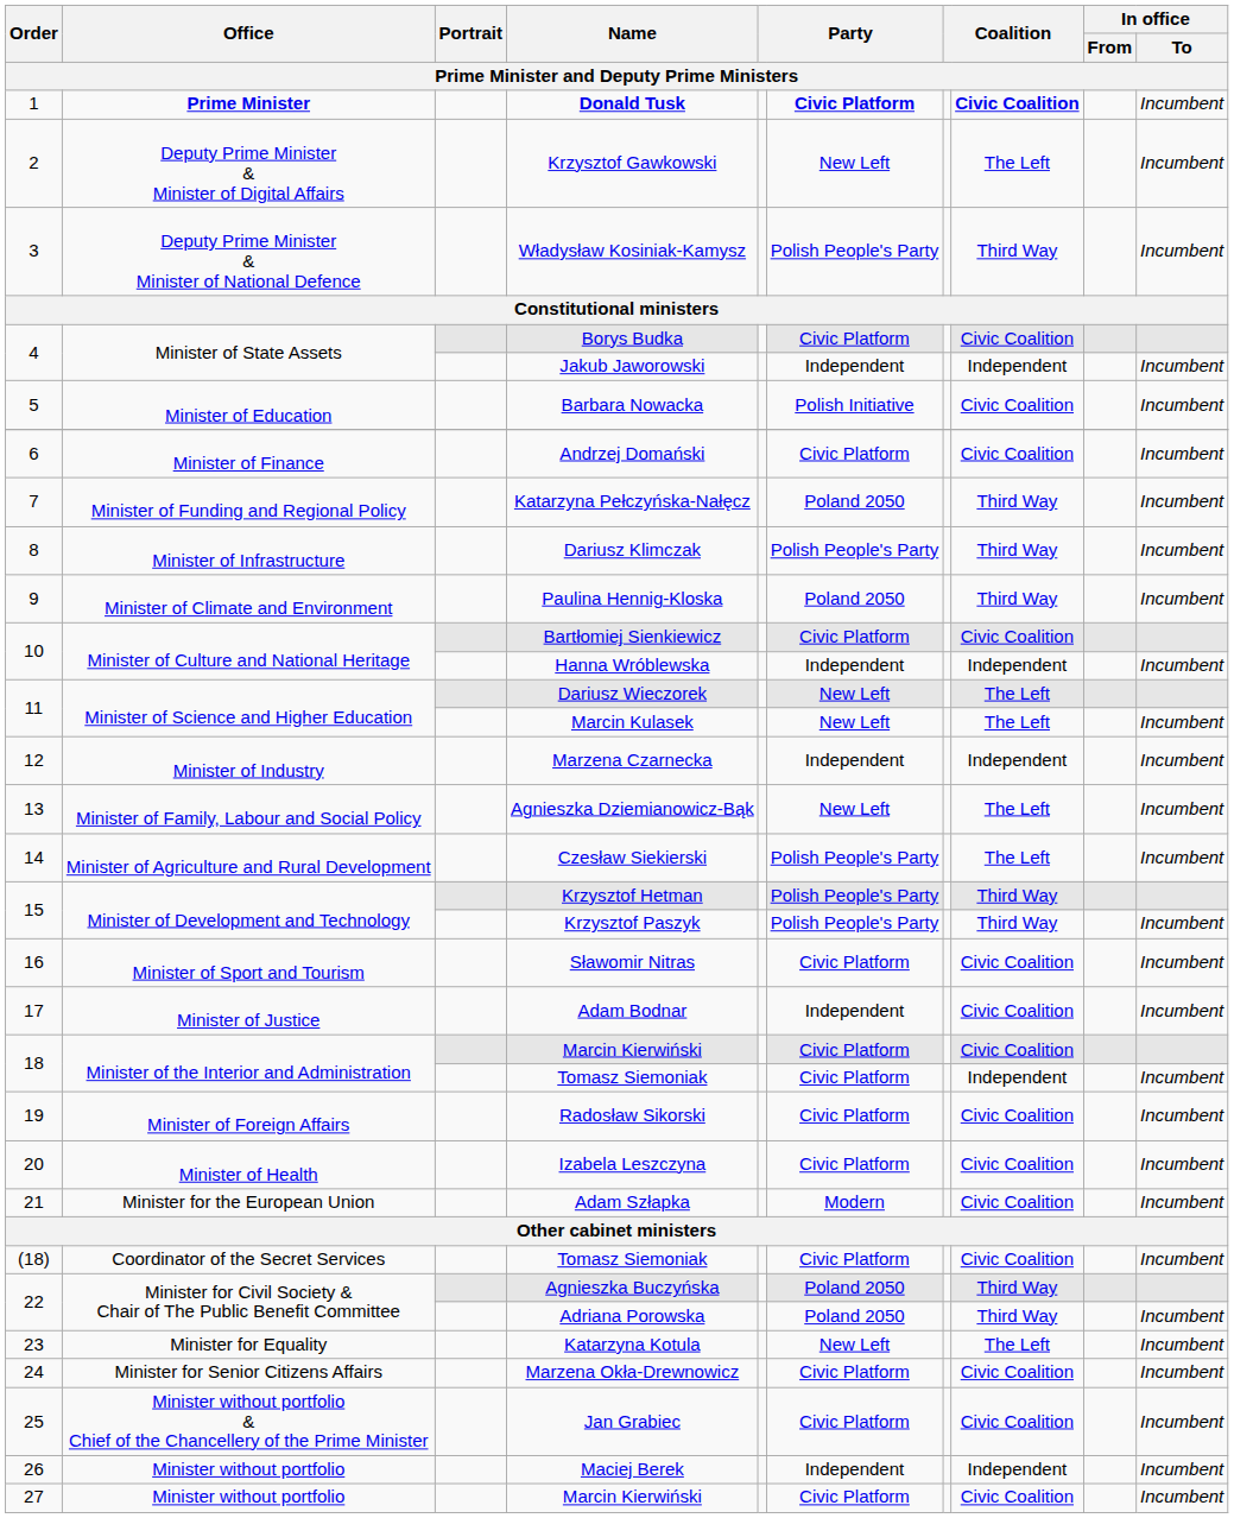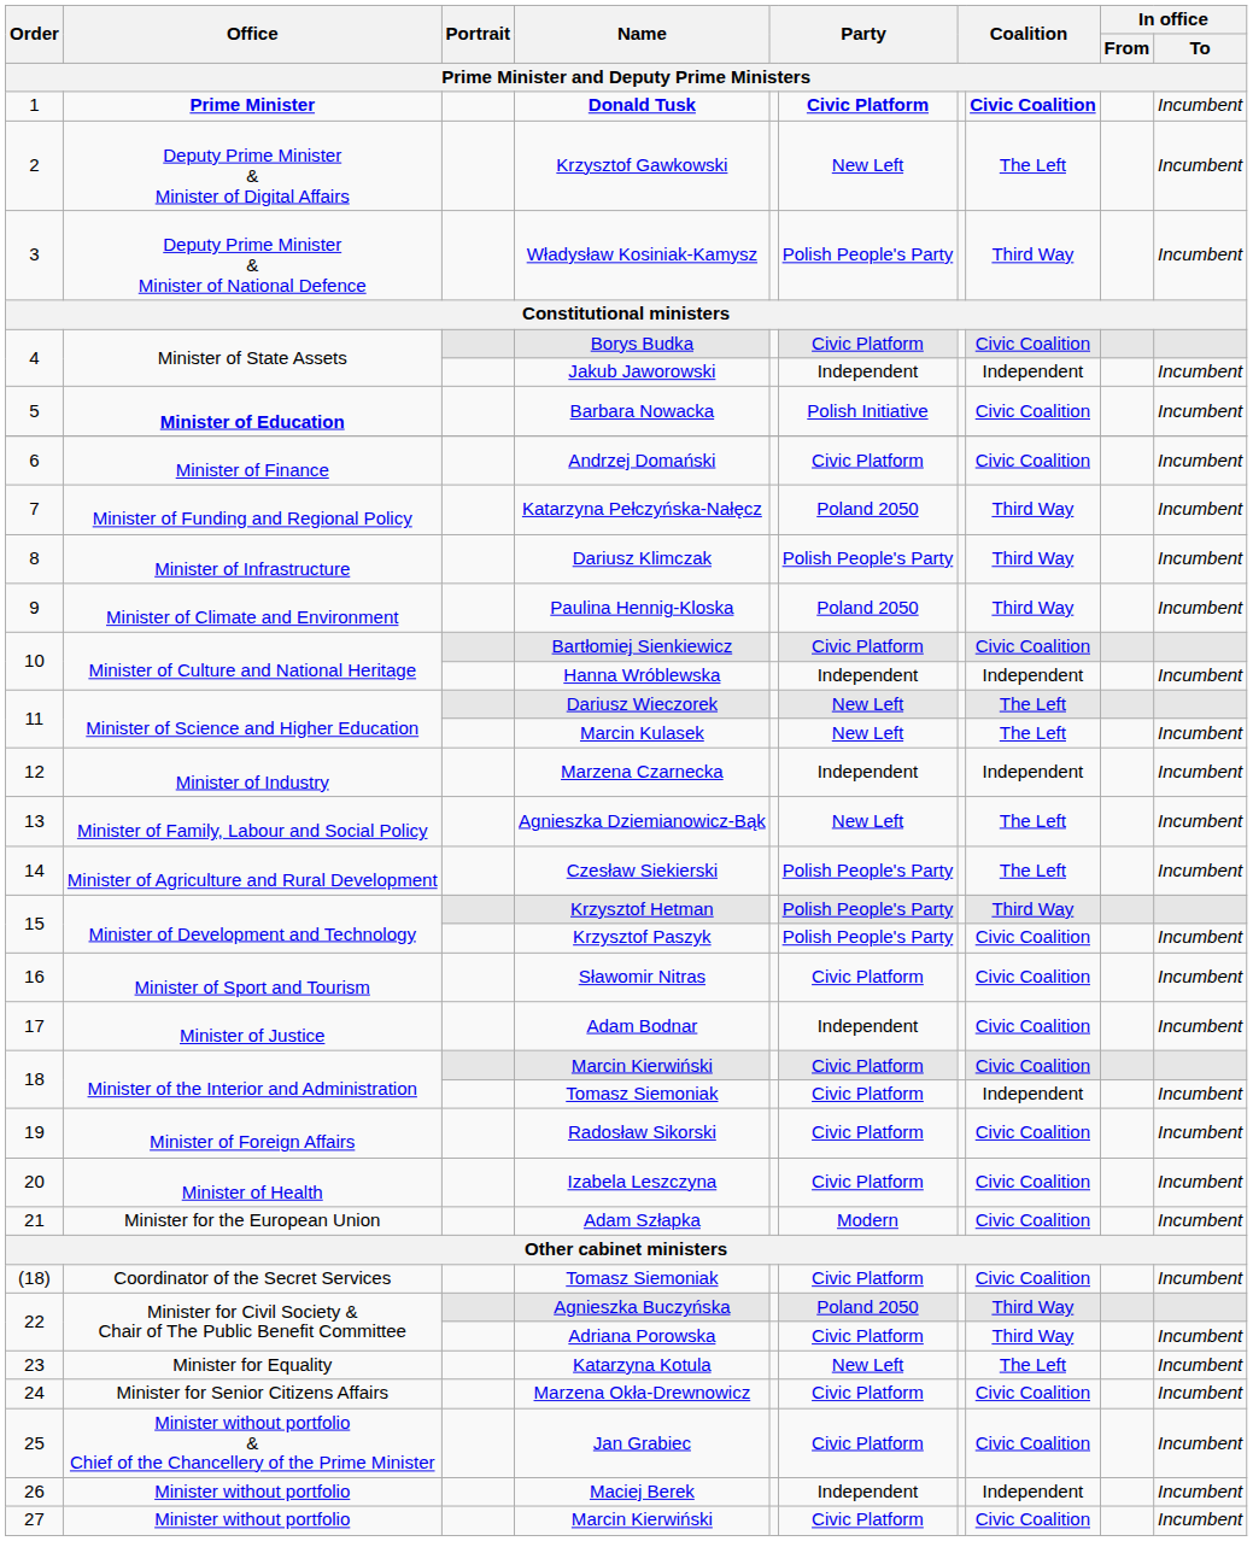 <table class="wikitable sortable" style="text-align:center">
 <tr>
 <th rowspan="2">Order </th>
 <th rowspan="2">Office</th>
 <th rowspan="2" class="unsortable">Portrait</th>
 <th rowspan="2">Name</th>
 <th colspan="2" rowspan="2">Party</th>
 <th colspan="2" rowspan="2">Coalition</th>
 <th colspan="2">In office</th>
 </tr>
 <tr>
 <th>From</th>
 <th>To</th>
 </tr>
 <tr>
 <th colspan="10">Prime Minister and Deputy Prime Ministers</th>
 </tr>
 <tr>
 <td>1</td>
 <td><strong><a href='#'>Prime Minister</a></strong></td>
 <td></td>
 <td data-sort-value="Tusk"><strong><a href='#'>Donald Tusk</a></strong></td>
 <td style="background:"></td>
 <td><strong><a href='#'>Civic Platform</a></strong></td>
 <td style="background:"></td>
 <td><strong><a href='#'>Civic Coalition</a></strong></td>
 <td><strong></strong></td>
 <td><em>Incumbent</em></td>
 </tr>
 <tr>
 <td>2</td>
 <td><br> <a href='#'>Deputy Prime Minister</a> <br> & <br> <a href='#'>Minister of Digital Affairs</a></td>
 <td></td>
 <td data-sort-value="Gawkowski"><a href='#'>Krzysztof Gawkowski</a></td>
 <td style="background:"></td>
 <td><a href='#'>New Left</a></td>
 <td style="background:"></td>
 <td><a href='#'>The Left</a></td>
 <td></td>
 <td><em>Incumbent</em></td>
 </tr>
 <tr>
 <td>3</td>
 <td><br>  <a href='#'>Deputy Prime Minister</a> <br> & <br> <a href='#'>Minister of National Defence</a></td>
 <td></td>
 <td data-sort-value="Kosiniak-Kamysz"><a href='#'>Władysław Kosiniak-Kamysz</a></td>
 <td style="background:"></td>
 <td><a href='#'>Polish People's Party</a></td>
 <td style="background:"></td>
 <td><a href='#'>Third Way</a></td>
 <td></td>
 <td><em>Incumbent</em></td>
 </tr>
 <tr>
 <th colspan="10">Constitutional ministers</th>
 </tr>
 <tr>
 <td rowspan = "2">4</td>
 <td rowspan = "2">Minister of State Assets</td>
 <td style = "background: #E6E6E6"></td>
 <td style = "background: #E6E6E6" data-sort-value="Budka"><a href='#'>Borys Budka</a></td>
 <td style="background:"></td>
 <td style = "background: #E6E6E6"><a href='#'>Civic Platform</a></td>
 <td style="background:"></td>
 <td style = "background: #E6E6E6"><a href='#'>Civic Coalition</a></td>
 <td style = "background: #E6E6E6"></td>
 <td style = "background: #E6E6E6"></td>
 </tr>
 <tr>
 <td><br></td>
 <td data-sort-value="Jaworowski"><a href='#'>Jakub Jaworowski</a></td>
 <td style="background:"></td>
 <td>Independent</td>
 <td style="background:"></td>
 <td>Independent</td>
 <td></td>
 <td><em>Incumbent</em></td>
 </tr>
 <tr>
 <td>5</td>
-<td><br> <a href='#'>Minister of Education</a></td>
+<td><strong><br> <a href='#'>Minister of Education</a></strong></td>
 <td></td>
 <td data-sort-value="Nowacka"><a href='#'>Barbara Nowacka</a></td>
 <td style="background:"></td>
 <td><a href='#'>Polish Initiative</a></td>
 <td style="background:"></td>
 <td><a href='#'>Civic Coalition</a></td>
 <td></td>
 <td><em>Incumbent</em></td>
 </tr>
 <tr>
 </tr>
 <tr>
 <td>6</td>
 <td><br> <a href='#'>Minister of Finance</a></td>
 <td></td>
 <td data-sort-value="Domański"><a href='#'>Andrzej Domański</a></td>
 <td style="background:"></td>
 <td><a href='#'>Civic Platform</a></td>
 <td style="background:"></td>
 <td><a href='#'>Civic Coalition</a></td>
 <td></td>
 <td><em>Incumbent</em></td>
 </tr>
 <tr>
 <td>7</td>
 <td><br> <a href='#'>Minister of Funding and Regional Policy</a></td>
 <td></td>
 <td data-sort-value="Pełczyńska-Nałęcz"><a href='#'>Katarzyna Pełczyńska-Nałęcz</a></td>
 <td style="background:"></td>
 <td><a href='#'>Poland 2050</a></td>
 <td style="background:"></td>
 <td><a href='#'>Third Way</a></td>
 <td></td>
 <td><em>Incumbent</em></td>
 </tr>
 <tr>
 <td>8</td>
 <td><br> <a href='#'>Minister of Infrastructure</a></td>
 <td></td>
 <td data-sort-value="Klimczak"><a href='#'>Dariusz Klimczak</a></td>
 <td style="background:"></td>
 <td><a href='#'>Polish People's Party</a></td>
 <td style="background:"></td>
 <td><a href='#'>Third Way</a></td>
 <td></td>
 <td><em>Incumbent</em></td>
 </tr>
 <tr>
 <td>9</td>
 <td><br> <a href='#'>Minister of Climate and Environment</a></td>
 <td></td>
 <td data-sort-value="Hening-Kloska"><a href='#'>Paulina Hennig-Kloska</a></td>
 <td style="background:"></td>
 <td><a href='#'>Poland 2050</a></td>
 <td style="background:"></td>
 <td><a href='#'>Third Way</a></td>
 <td></td>
 <td><em>Incumbent</em></td>
 </tr>
 <tr>
 <td rowspan ="2">10</td>
 <td rowspan = "2"><br><a href='#'>Minister of Culture and National Heritage</a></td>
 <td style = "background: #E6E6E6"></td>
 <td style = "background: #E6E6E6" data-sort-value="Sienkiewicz"><a href='#'>Bartłomiej Sienkiewicz</a></td>
 <td style="background:"></td>
 <td style = "background: #E6E6E6"><a href='#'>Civic Platform</a></td>
 <td style="background:"></td>
 <td style = "background: #E6E6E6"><a href='#'>Civic Coalition</a></td>
 <td style = "background: #E6E6E6"></td>
 <td style = "background: #E6E6E6"></td>
 </tr>
 <tr>
 <td></td>
 <td data-sort-value="Wróblewska"><a href='#'>Hanna Wróblewska</a></td>
 <td style="background:"></td>
 <td>Independent</td>
 <td style="background:"></td>
 <td>Independent</td>
 <td></td>
 <td><em>Incumbent</em></td>
 </tr>
 <tr>
 <td rowspan ="2">11</td>
 <td rowspan ="2"> <br> <a href='#'>Minister of Science and Higher Education</a></td>
 <td style = "background: #E6E6E6"></td>
 <td style = "background: #E6E6E6" data-sort-value="Wieczorek"><a href='#'>Dariusz Wieczorek</a></td>
 <td style="background:"></td>
 <td style = "background: #E6E6E6"><a href='#'>New Left</a></td>
 <td style="background:"></td>
 <td style = "background: #E6E6E6"><a href='#'>The Left</a></td>
 <td style = "background: #E6E6E6"></td>
 <td style = "background: #E6E6E6"></td>
 </tr>
 <tr>
 <td></td>
 <td data-sort-value="Kulasek"><a href='#'>Marcin Kulasek</a></td>
 <td style="background:"></td>
 <td><a href='#'>New Left</a></td>
 <td style="background:"></td>
 <td><a href='#'>The Left</a></td>
 <td></td>
 <td><em>Incumbent</em></td>
 </tr>
 <tr>
 <td>12</td>
 <td> <br> <a href='#'>Minister of Industry</a></td>
 <td></td>
 <td data-sort-value="Czarnecka"><a href='#'>Marzena Czarnecka</a></td>
 <td style="background:"></td>
 <td>Independent</td>
 <td style="background:"></td>
 <td>Independent</td>
 <td></td>
 <td><em>Incumbent</em></td>
 </tr>
 <tr>
 <td>13</td>
 <td> <br> <a href='#'>Minister of Family, Labour and Social Policy</a></td>
 <td></td>
 <td data-sort-value="Dziemianowicz-Bąk"><a href='#'>Agnieszka Dziemianowicz-Bąk</a></td>
 <td style="background:"></td>
 <td><a href='#'>New Left</a></td>
 <td style="background:"></td>
 <td><a href='#'>The Left</a></td>
 <td></td>
 <td><em>Incumbent</em></td>
 </tr>
 <tr>
 <td>14</td>
 <td> <br> <a href='#'>Minister of Agriculture and Rural Development</a></td>
 <td></td>
 <td data-sort-value="Siekierski"><a href='#'>Czesław Siekierski</a></td>
 <td style="background:"></td>
 <td><a href='#'>Polish People's Party</a></td>
 <td style="background:"></td>
 <td><a href='#'>The Left</a></td>
 <td></td>
 <td><em>Incumbent</em></td>
 </tr>
 <tr>
 <td rowspan = "2">15</td>
 <td rowspan="2"> <br> <a href='#'>Minister of Development and Technology</a></td>
 <td style = "background: #E6E6E6"></td>
 <td style = "background: #E6E6E6" data-sort-value="Hetman"><a href='#'>Krzysztof Hetman</a></td>
 <td style="background:"></td>
 <td style = "background: #E6E6E6"><a href='#'>Polish People's Party</a></td>
 <td style="background:"></td>
 <td style = "background: #E6E6E6"><a href='#'>Third Way</a></td>
 <td style = "background: #E6E6E6"></td>
 <td style = "background: #E6E6E6"></td>
 </tr>
 <tr>
 <td></td>
 <td data-sort-value="Paszyk"><a href='#'>Krzysztof Paszyk</a></td>
 <td style="background:"></td>
 <td><a href='#'>Polish People's Party</a></td>
 <td style="background:"></td>
-<td><a href='#'>Third Way</a></td>
+<td><a href='#'>Civic Coalition</a></td>
 <td></td>
 <td><em>Incumbent</em></td>
 </tr>
 <tr>
 <td>16</td>
 <td> <br> <a href='#'>Minister of Sport and Tourism</a></td>
 <td></td>
 <td data-sort-value="Nitras"><a href='#'>Sławomir Nitras</a></td>
 <td style="background:"></td>
 <td><a href='#'>Civic Platform</a></td>
 <td style="background:"></td>
 <td><a href='#'>Civic Coalition</a></td>
 <td></td>
 <td><em>Incumbent</em></td>
 </tr>
 <tr>
 <td>17</td>
 <td> <br> <a href='#'>Minister of Justice</a></td>
 <td></td>
 <td data-sort-value="Bodnar"><a href='#'>Adam Bodnar</a></td>
 <td style="background:"></td>
 <td>Independent</td>
 <td style="background:"></td>
 <td><a href='#'>Civic Coalition</a></td>
 <td></td>
 <td><em>Incumbent</em></td>
 </tr>
 <tr>
 <td rowspan ="2">18</td>
 <td rowspan="2"> <br> <a href='#'>Minister of the Interior and Administration</a></td>
 <td style = "background: #E6E6E6"></td>
 <td style = "background: #E6E6E6" data-sort-value="Kierwiński"><a href='#'>Marcin Kierwiński</a></td>
 <td style="background:"></td>
 <td style = "background: #E6E6E6"><a href='#'>Civic Platform</a></td>
 <td style="background:"></td>
 <td style = "background: #E6E6E6"><a href='#'>Civic Coalition</a></td>
 <td style = "background: #E6E6E6"></td>
 <td style = "background: #E6E6E6"></td>
 </tr>
 <tr>
 <td></td>
 <td data-sort-value="Siemoniak"><a href='#'>Tomasz Siemoniak</a></td>
 <td style="background:"></td>
 <td><a href='#'>Civic Platform</a></td>
 <td style="background:"></td>
 <td>Independent</td>
 <td></td>
 <td><em>Incumbent</em></td>
 </tr>
 <tr>
 <td>19</td>
 <td> <br> <a href='#'>Minister of Foreign Affairs</a></td>
 <td></td>
 <td data-sort-value="Sikorski"><a href='#'>Radosław Sikorski</a></td>
 <td style="background:"></td>
 <td><a href='#'>Civic Platform</a></td>
 <td style="background:"></td>
 <td><a href='#'>Civic Coalition</a></td>
 <td></td>
 <td><em>Incumbent</em></td>
 </tr>
 <tr>
 <td>20</td>
 <td> <br> <a href='#'>Minister of Health</a></td>
 <td></td>
 <td data-sort-value="Leszczyna"><a href='#'>Izabela Leszczyna</a></td>
 <td style="background:"></td>
 <td><a href='#'>Civic Platform</a></td>
 <td style="background:"></td>
 <td><a href='#'>Civic Coalition</a></td>
 <td></td>
 <td><em>Incumbent</em></td>
 </tr>
 <tr>
 <td>21</td>
 <td>Minister for the European Union</td>
 <td></td>
 <td data-sort-value="Szłapka"><a href='#'>Adam Szłapka</a></td>
 <td style="background:"></td>
 <td><a href='#'>Modern</a></td>
 <td style="background:"></td>
 <td><a href='#'>Civic Coalition</a></td>
 <td></td>
 <td><em>Incumbent</em></td>
 </tr>
 <tr>
 <th colspan="10">Other cabinet ministers</th>
 </tr>
 <tr>
 <td data-sort-value="18">(18)</td>
 <td>Coordinator of the Secret Services</td>
 <td></td>
 <td data-sort-value="Siemoniak"><a href='#'>Tomasz Siemoniak</a></td>
 <td style="background:"></td>
 <td><a href='#'>Civic Platform</a></td>
 <td style="background:"></td>
 <td><a href='#'>Civic Coalition</a></td>
 <td></td>
 <td><em>Incumbent</em></td>
 </tr>
 <tr>
 <td rowspan = "2">22</td>
 <td rowspan="2">Minister for Civil Society & <br> Chair of The Public Benefit Committee</td>
 <td style = "background: #E6E6E6"></td>
 <td style = "background: #E6E6E6" data-sort-value="Buczyńska"><a href='#'>Agnieszka Buczyńska</a></td>
 <td style="background:"></td>
 <td style = "background: #E6E6E6"><a href='#'>Poland 2050</a></td>
 <td style="background:"></td>
 <td style = "background: #E6E6E6"><a href='#'>Third Way</a></td>
 <td style = "background: #E6E6E6"></td>
 <td style = "background: #E6E6E6"></td>
 </tr>
 <tr>
 <td></td>
 <td data-sort-value="Porowska"><a href='#'>Adriana Porowska</a></td>
 <td style="background:"></td>
-<td><a href='#'>Poland 2050</a></td>
+<td><a href='#'>Civic Platform</a></td>
 <td style="background:"></td>
 <td><a href='#'>Third Way</a></td>
 <td></td>
 <td><em>Incumbent</em></td>
 </tr>
 <tr>
 <td>23</td>
 <td>Minister for Equality</td>
 <td></td>
 <td data-sort-value="Kotula"><a href='#'>Katarzyna Kotula</a></td>
 <td style="background:"></td>
 <td><a href='#'>New Left</a></td>
 <td style="background:"></td>
 <td><a href='#'>The Left</a></td>
 <td></td>
 <td><em>Incumbent</em></td>
 </tr>
 <tr>
 <td>24</td>
 <td>Minister for Senior Citizens Affairs</td>
 <td></td>
 <td data-sort-value="Okła-Drenowicz"><a href='#'>Marzena Okła-Drewnowicz</a></td>
 <td style="background:"></td>
 <td><a href='#'>Civic Platform</a></td>
 <td style="background:"></td>
 <td><a href='#'>Civic Coalition</a></td>
 <td></td>
 <td><em>Incumbent</em></td>
 </tr>
 <tr>
 <td>25</td>
 <td><a href='#'>Minister without portfolio</a> <br> & <br> <a href='#'>Chief of the Chancellery of the Prime Minister</a></td>
 <td></td>
 <td data-sort-value="Grabiec"><a href='#'>Jan Grabiec</a></td>
 <td style="background:"></td>
 <td><a href='#'>Civic Platform</a></td>
 <td style="background:"></td>
 <td><a href='#'>Civic Coalition</a></td>
 <td></td>
 <td><em>Incumbent</em></td>
 </tr>
 <tr>
 <td>26</td>
 <td><a href='#'>Minister without portfolio</a></td>
 <td></td>
 <td data-sort-value="Berek"><a href='#'>Maciej Berek</a></td>
 <td style="background:"></td>
 <td>Independent</td>
 <td style="background:"></td>
 <td>Independent</td>
 <td></td>
 <td><em>Incumbent</em></td>
 </tr>
 <tr>
 <td>27</td>
 <td><a href='#'>Minister without portfolio</a></td>
 <td></td>
 <td data-sort-value="Kierwiński"><a href='#'>Marcin Kierwiński</a></td>
 <td style="background:"></td>
 <td><a href='#'>Civic Platform</a></td>
 <td style="background:"></td>
 <td><a href='#'>Civic Coalition</a></td>
 <td></td>
 <td><em>Incumbent</em></td>
 </tr>
 </table>
